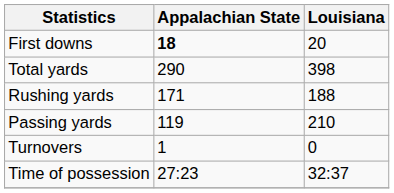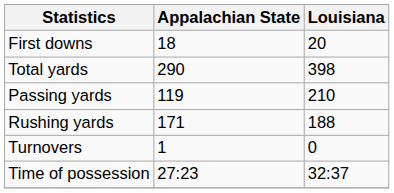 <table class="wikitable">
 <tr>
 <th>Statistics</th>
 <th>Appalachian State</th>
 <th>Louisiana</th>
 </tr>
 <tr>
 <td>First downs</td>
-<td><strong>18</strong></td>
+<td>18</td>
 <td>20</td>
 </tr>
 <tr>
 <td>Total yards</td>
 <td>290</td>
 <td>398</td>
 </tr>
 <tr>
+<td>Passing yards</td>
+<td>119</td>
+<td>210</td>
+</tr>
+<tr>
 <td>Rushing yards</td>
 <td>171</td>
 <td>188</td>
-</tr>
-<tr>
-<td>Passing yards</td>
-<td>119</td>
-<td>210</td>
 </tr>
 <tr>
 <td>Turnovers</td>
 <td>1</td>
 <td>0</td>
 </tr>
 <tr>
 <td>Time of possession</td>
 <td>27:23</td>
 <td>32:37</td>
 </tr>
 <tr>
 </tr>
 </table>
